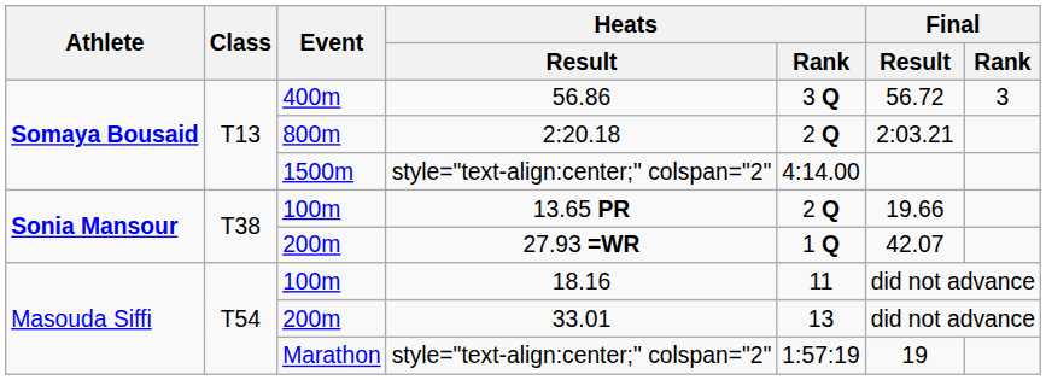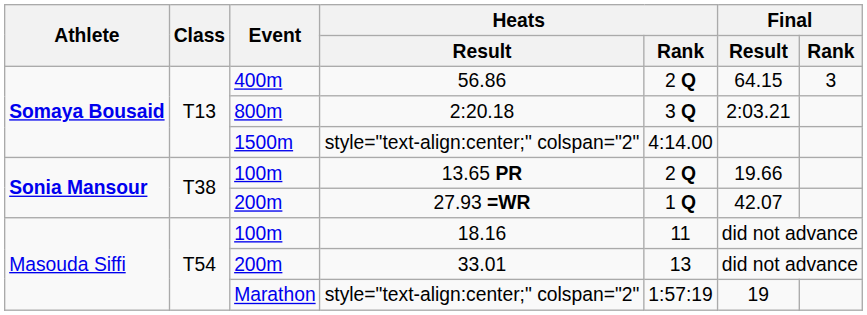 <table class=wikitable style="font-size:90%">
 <tr>
 <th rowspan="2">Athlete</th>
 <th rowspan="2">Class</th>
 <th rowspan="2">Event</th>
 <th colspan="2">Heats</th>
 <th colspan="2">Final</th>
 </tr>
 <tr>
 <th>Result</th>
 <th>Rank</th>
 <th>Result</th>
 <th>Rank</th>
 </tr>
 <tr>
 <td rowspan="3"><strong><a href='#'>Somaya Bousaid</a></strong></td>
 <td rowspan="3" style="text-align:center;">T13</td>
 <td><a href='#'>400m</a></td>
 <td style="text-align:center;">56.86</td>
-<td style="text-align:center;">3 <strong>Q</strong></td>
-<td style="text-align:center;">56.72</td>
+<td style="text-align:center;">2 <strong>Q</strong></td>
+<td style="text-align:center;">64.15</td>
 <td style="text-align:center;">3</td>
 </tr>
 <tr>
 <td><a href='#'>800m</a></td>
 <td style="text-align:center;">2:20.18</td>
-<td style="text-align:center;">2 <strong>Q</strong></td>
+<td style="text-align:center;">3 <strong>Q</strong></td>
 <td style="text-align:center;">2:03.21</td>
 <td style="text-align:center;"></td>
 </tr>
 <tr>
 <td><a href='#'>1500m</a></td>
 <td>style="text-align:center;" colspan="2" </td>
 <td style="text-align:center;">4:14.00</td>
 <td style="text-align:center;"></td>
 </tr>
 <tr>
 <td rowspan="2"><strong><a href='#'>Sonia Mansour</a></strong></td>
 <td rowspan="2" style="text-align:center;">T38</td>
 <td><a href='#'>100m</a></td>
 <td style="text-align:center;">13.65 <strong>PR</strong></td>
 <td style="text-align:center;">2 <strong>Q</strong></td>
 <td style="text-align:center;">19.66</td>
 <td style="text-align:center;"></td>
 </tr>
 <tr>
 <td><a href='#'>200m</a></td>
 <td style="text-align:center;">27.93 <strong>=WR</strong></td>
 <td style="text-align:center;">1 <strong>Q</strong></td>
 <td style="text-align:center;">42.07</td>
 <td style="text-align:center;"></td>
 </tr>
 <tr>
 <td rowspan="3"><a href='#'>Masouda Siffi</a></td>
 <td rowspan="3" style="text-align:center;">T54</td>
 <td><a href='#'>100m</a></td>
 <td style="text-align:center;">18.16</td>
 <td style="text-align:center;">11</td>
 <td style="text-align:center;" colspan="2">did not advance</td>
 </tr>
 <tr>
 <td><a href='#'>200m</a></td>
 <td style="text-align:center;">33.01</td>
 <td style="text-align:center;">13</td>
 <td style="text-align:center;" colspan="2">did not advance</td>
 </tr>
 <tr>
 <td><a href='#'>Marathon</a></td>
 <td>style="text-align:center;" colspan="2" </td>
 <td style="text-align:center;">1:57:19</td>
 <td style="text-align:center;">19</td>
 </tr>
 </table>
